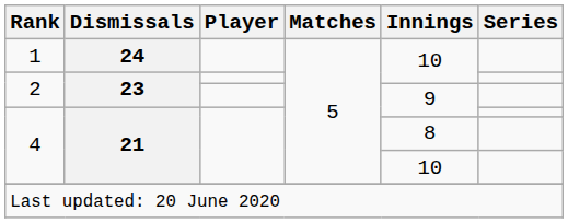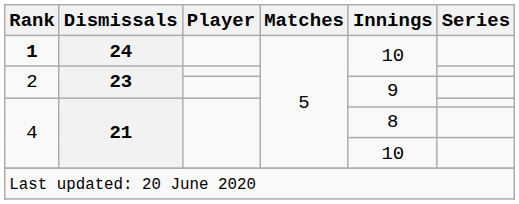 <table class="wikitable plainrowheaders sortable">
 <tr>
 <th scope=col>Rank</th>
 <th scope=col>Dismissals</th>
 <th scope=col>Player</th>
 <th scope=col>Matches</th>
 <th scope=col>Innings</th>
 <th scope=col>Series</th>
 </tr>
 <tr>
-<td align=center>1</td>
+<td align=center><strong>1</strong></td>
 <th scope=row style="text-align:center;">24</th>
 <td></td>
 <td align=center rowspan=6>5</td>
 <td align=center rowspan=2>10</td>
 <td></td>
 </tr>
 <tr>
 <td align=center rowspan=2>2</td>
 <th scope=row style=text-align:center; rowspan=2>23</th>
 <td></td>
 <td></td>
 </tr>
 <tr>
 <td></td>
 <td align=center rowspan=2>9</td>
 <td></td>
 </tr>
 <tr>
 <td align=center rowspan=3>4</td>
 <th scope=row style=text-align:center; rowspan=3>21</th>
 <td rowspan=3></td>
 <td></td>
 </tr>
 <tr>
 <td align=center>8</td>
 <td></td>
 </tr>
 <tr>
 <td align=center>10</td>
 <td></td>
 </tr>
 <tr>
 </tr>
 <tr class=sortbottom>
 <td colspan=6><small>Last updated: 20 June 2020</small></td>
 </tr>
 </table>
